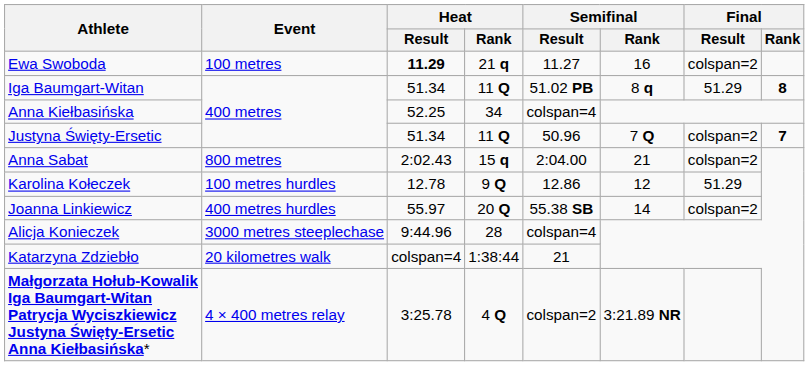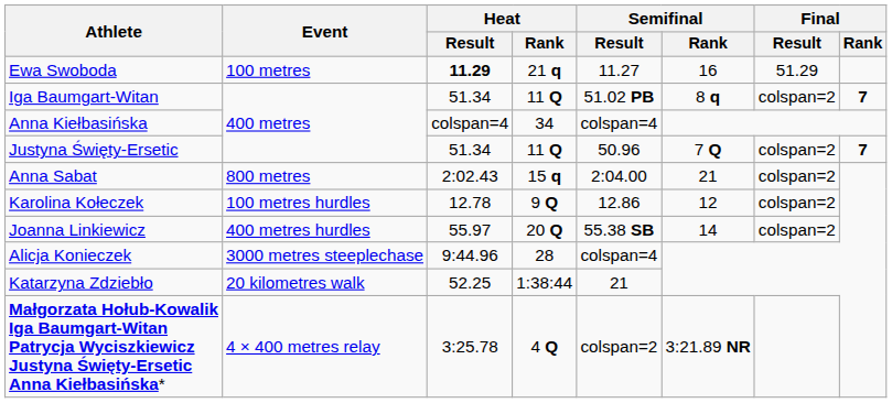 <table class="wikitable" style="font-size:90%">
 <tr>
 <th rowspan="2">Athlete</th>
 <th rowspan="2">Event</th>
 <th colspan="2">Heat</th>
 <th colspan="2">Semifinal</th>
 <th colspan="2">Final</th>
 </tr>
 <tr style="font-size:95%">
 <th>Result</th>
 <th>Rank</th>
 <th>Result</th>
 <th>Rank</th>
 <th>Result</th>
 <th>Rank</th>
 </tr>
 <tr style=text-align:center>
 <td style=text-align:left><a href='#'>Ewa Swoboda</a></td>
 <td style=text-align:left><a href='#'>100 metres</a></td>
 <td><strong>11.29</strong></td>
 <td>21 <strong>q</strong></td>
 <td>11.27</td>
 <td>16</td>
-<td>colspan=2 </td>
+<td>51.29</td>
 </tr>
 <tr style=text-align:center>
 <td style=text-align:left><a href='#'>Iga Baumgart-Witan</a></td>
 <td style=text-align:left rowspan=3><a href='#'>400 metres</a></td>
 <td>51.34</td>
 <td>11 <strong>Q</strong></td>
 <td>51.02	<strong>PB</strong></td>
 <td>8 <strong>q</strong></td>
-<td>51.29</td>
-<td><strong>8</strong></td>
+<td>colspan=2 </td>
+<td><strong>7</strong></td>
 </tr>
 <tr style=text-align:center>
 <td style=text-align:left><a href='#'>Anna Kiełbasińska</a></td>
-<td>52.25</td>
+<td>colspan=4 </td>
 <td>34</td>
 <td>colspan=4 </td>
 </tr>
 <tr style=text-align:center>
 <td style=text-align:left><a href='#'>Justyna Święty-Ersetic</a></td>
 <td>51.34</td>
 <td>11 <strong>Q</strong></td>
 <td>50.96</td>
 <td>7 <strong>Q</strong></td>
 <td>colspan=2 </td>
 <td><strong>7</strong></td>
 </tr>
 <tr style=text-align:center>
 <td style=text-align:left><a href='#'>Anna Sabat</a></td>
 <td style=text-align:left><a href='#'>800 metres</a></td>
 <td>2:02.43</td>
 <td>15 <strong>q</strong></td>
 <td>2:04.00</td>
 <td>21</td>
 <td>colspan=2 </td>
 </tr>
 <tr style=text-align:center>
 <td style=text-align:left><a href='#'>Karolina Kołeczek</a></td>
 <td style=text-align:left><a href='#'>100 metres hurdles</a></td>
 <td>12.78</td>
 <td>9 <strong>Q</strong></td>
 <td>12.86</td>
 <td>12</td>
-<td>51.29</td>
+<td>colspan=2 </td>
 </tr>
 <tr style=text-align:center>
 <td style=text-align:left><a href='#'>Joanna Linkiewicz</a></td>
 <td style=text-align:left><a href='#'>400 metres hurdles</a></td>
 <td>55.97</td>
 <td>20 <strong>Q</strong></td>
 <td>55.38 <strong>SB</strong></td>
 <td>14</td>
 <td>colspan=2 </td>
 </tr>
 <tr style=text-align:center>
 <td style=text-align:left><a href='#'>Alicja Konieczek</a></td>
 <td style=text-align:left><a href='#'>3000 metres steeplechase</a></td>
 <td>9:44.96</td>
 <td>28</td>
 <td>colspan=4 </td>
 </tr>
 <tr style=text-align:center>
 <td style=text-align:left><a href='#'>Katarzyna Zdziebło</a></td>
 <td style=text-align:left><a href='#'>20 kilometres walk</a></td>
-<td>colspan=4 </td>
+<td>52.25</td>
 <td>1:38:44</td>
 <td>21</td>
 </tr>
 <tr style=text-align:center>
 <td style=text-align:left><strong><a href='#'>Małgorzata Hołub-Kowalik</a></strong><br><strong><a href='#'>Iga Baumgart-Witan</a></strong><br><strong><a href='#'>Patrycja Wyciszkiewicz</a></strong><br><strong><a href='#'>Justyna Święty-Ersetic</a></strong><br><strong><a href='#'>Anna Kiełbasińska</a></strong>*</td>
 <td style=text-align:left><a href='#'>4 × 400 metres relay</a></td>
 <td>3:25.78</td>
 <td>4 <strong>Q</strong></td>
 <td>colspan=2 </td>
 <td>3:21.89 <strong>NR</strong></td>
 <td></td>
 </tr>
 </table>
